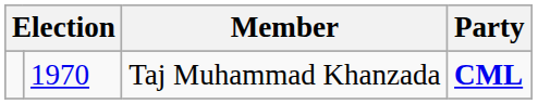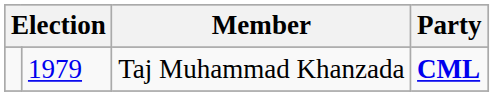 <table class="wikitable">
 <tr>
 <th colspan="2">Election</th>
 <th>Member</th>
 <th>Party</th>
 </tr>
 <tr>
 <td style="background-color: "></td>
-<td><a href='#'>1970</a></td>
+<td><a href='#'>1979</a></td>
 <td>Taj Muhammad Khanzada</td>
 <td><strong><a href='#'>CML</a></strong></td>
 </tr>
 </table>
